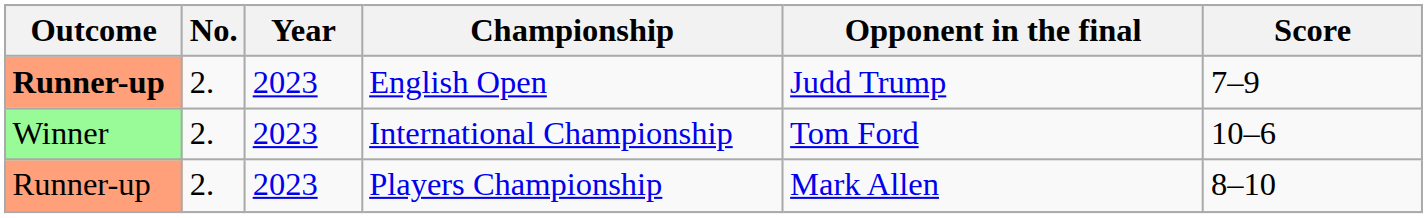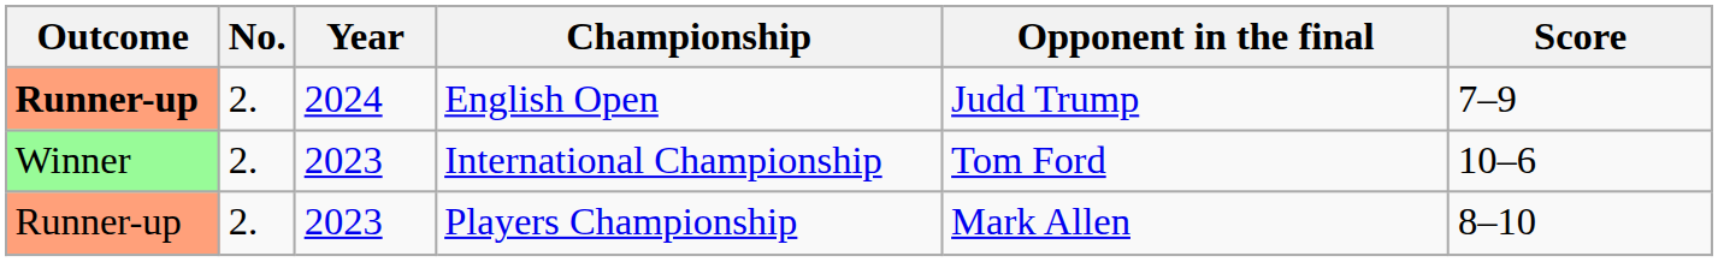 <table class="wikitable sortable">
 <tr>
 <th style="width:80px;">Outcome</th>
 <th style="width:20px;">No.</th>
 <th style="width:50px;">Year</th>
 <th style="width:200px;">Championship</th>
 <th style="width:200px;">Opponent in the final</th>
 <th style="width:100px;">Score</th>
 </tr>
 <tr>
 <td style="background:#FFA07A"><strong>Runner-up</strong></td>
 <td>2.</td>
-<td><a href='#'>2023</a></td>
+<td><a href='#'>2024</a></td>
 <td><a href='#'>English Open</a></td>
 <td> <a href='#'>Judd Trump</a></td>
 <td>7–9</td>
 </tr>
 <tr>
 <td style="background:#98FB98">Winner</td>
 <td>2.</td>
 <td><a href='#'>2023</a></td>
 <td><a href='#'>International Championship</a></td>
 <td> <a href='#'>Tom Ford</a></td>
 <td>10–6</td>
 </tr>
 <tr>
 <td style="background:#FFA07A">Runner-up</td>
 <td>2.</td>
 <td><a href='#'>2023</a></td>
 <td><a href='#'>Players Championship</a></td>
 <td> <a href='#'>Mark Allen</a></td>
 <td>8–10</td>
 </tr>
 </table>
